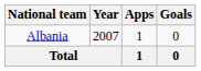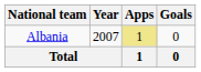 <table class=wikitable style="text-align: center;">
 <tr>
 <th>National team</th>
 <th>Year</th>
 <th>Apps</th>
 <th>Goals</th>
 </tr>
 <tr>
 <td rowspan=1><a href='#'>Albania</a></td>
 <td>2007</td>
-<td>1</td>
+<td style="background: khaki;">1</td>
 <td>0</td>
 </tr>
 <tr>
 <th colspan=2>Total</th>
 <th>1</th>
 <th>0</th>
 </tr>
 </table>
